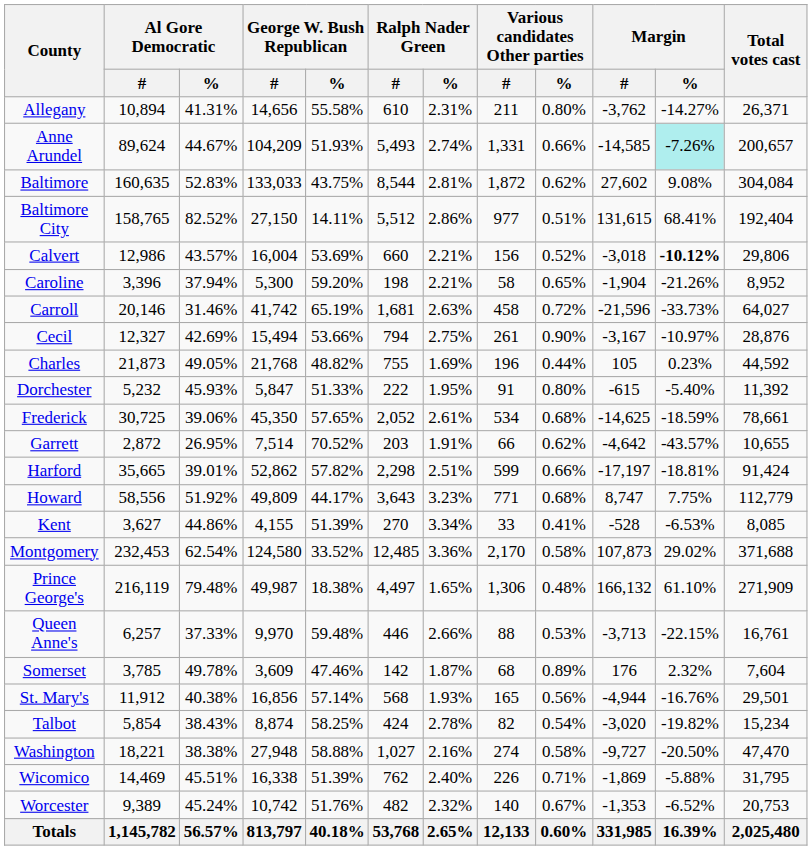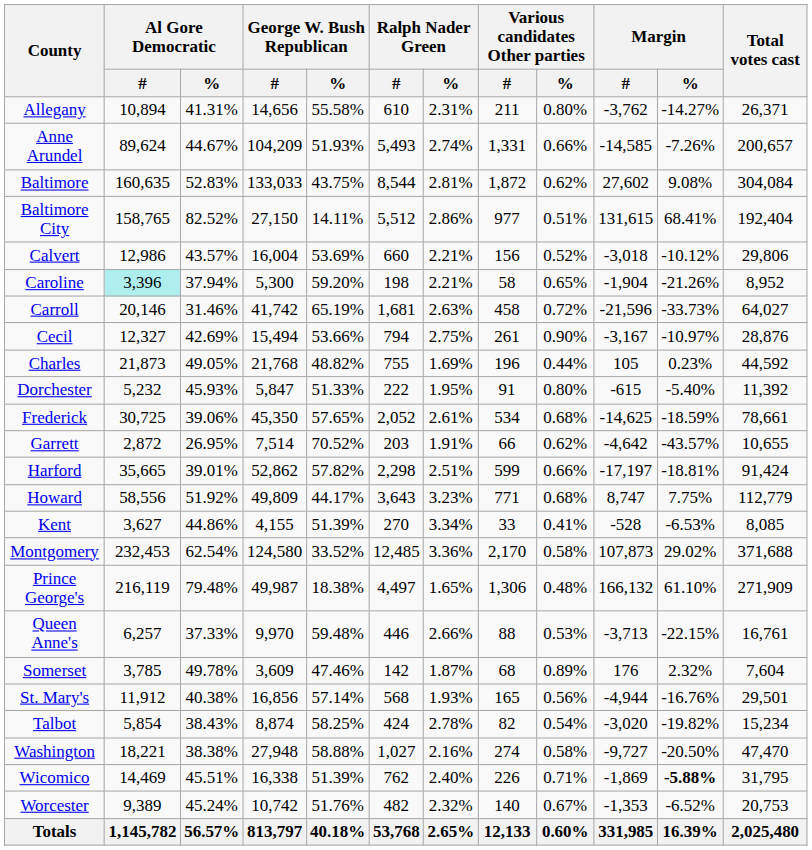 <table width="60%"  class="wikitable sortable" style="text-align:center">
 <tr>
 <th style="text-align:center;" rowspan="2">County</th>
 <th style="text-align:center;" colspan="2">Al Gore<br>Democratic</th>
 <th style="text-align:center;" colspan="2">George W. Bush<br>Republican</th>
 <th style="text-align:center;" colspan="2">Ralph Nader<br>Green</th>
 <th style="text-align:center;" colspan="2">Various candidates<br>Other parties</th>
 <th style="text-align:center;" colspan="2">Margin</th>
 <th style="text-align:center;" rowspan="2">Total votes cast</th>
 </tr>
 <tr>
 <th style="text-align:center;" data-sort-type="number">#</th>
 <th style="text-align:center;" data-sort-type="number">%</th>
 <th style="text-align:center;" data-sort-type="number">#</th>
 <th style="text-align:center;" data-sort-type="number">%</th>
 <th style="text-align:center;" data-sort-type="number">#</th>
 <th style="text-align:center;" data-sort-type="number">%</th>
 <th style="text-align:center;" data-sort-type="number">#</th>
 <th style="text-align:center;" data-sort-type="number">%</th>
 <th style="text-align:center;" data-sort-type="number">#</th>
 <th style="text-align:center;" data-sort-type="number">%</th>
 </tr>
 <tr style="text-align:center;">
 <td><a href='#'>Allegany</a></td>
 <td>10,894</td>
 <td>41.31%</td>
 <td>14,656</td>
 <td>55.58%</td>
 <td>610</td>
 <td>2.31%</td>
 <td>211</td>
 <td>0.80%</td>
 <td>-3,762</td>
 <td>-14.27%</td>
 <td>26,371</td>
 </tr>
 <tr style="text-align:center;">
 <td><a href='#'>Anne Arundel</a></td>
 <td>89,624</td>
 <td>44.67%</td>
 <td>104,209</td>
 <td>51.93%</td>
 <td>5,493</td>
 <td>2.74%</td>
 <td>1,331</td>
 <td>0.66%</td>
 <td>-14,585</td>
-<td style="background: paleturquoise;">-7.26%</td>
+<td>-7.26%</td>
 <td>200,657</td>
 </tr>
 <tr style="text-align:center;">
 <td><a href='#'>Baltimore</a></td>
 <td>160,635</td>
 <td>52.83%</td>
 <td>133,033</td>
 <td>43.75%</td>
 <td>8,544</td>
 <td>2.81%</td>
 <td>1,872</td>
 <td>0.62%</td>
 <td>27,602</td>
 <td>9.08%</td>
 <td>304,084</td>
 </tr>
 <tr style="text-align:center;">
 <td><a href='#'>Baltimore City</a></td>
 <td>158,765</td>
 <td>82.52%</td>
 <td>27,150</td>
 <td>14.11%</td>
 <td>5,512</td>
 <td>2.86%</td>
 <td>977</td>
 <td>0.51%</td>
 <td>131,615</td>
 <td>68.41%</td>
 <td>192,404</td>
 </tr>
 <tr style="text-align:center;">
 <td><a href='#'>Calvert</a></td>
 <td>12,986</td>
 <td>43.57%</td>
 <td>16,004</td>
 <td>53.69%</td>
 <td>660</td>
 <td>2.21%</td>
 <td>156</td>
 <td>0.52%</td>
 <td>-3,018</td>
-<td><strong>-10.12%</strong></td>
+<td>-10.12%</td>
 <td>29,806</td>
 </tr>
 <tr style="text-align:center;">
 <td><a href='#'>Caroline</a></td>
-<td>3,396</td>
+<td style="background: paleturquoise;">3,396</td>
 <td>37.94%</td>
 <td>5,300</td>
 <td>59.20%</td>
 <td>198</td>
 <td>2.21%</td>
 <td>58</td>
 <td>0.65%</td>
 <td>-1,904</td>
 <td>-21.26%</td>
 <td>8,952</td>
 </tr>
 <tr style="text-align:center;">
 <td><a href='#'>Carroll</a></td>
 <td>20,146</td>
 <td>31.46%</td>
 <td>41,742</td>
 <td>65.19%</td>
 <td>1,681</td>
 <td>2.63%</td>
 <td>458</td>
 <td>0.72%</td>
 <td>-21,596</td>
 <td>-33.73%</td>
 <td>64,027</td>
 </tr>
 <tr style="text-align:center;">
 <td><a href='#'>Cecil</a></td>
 <td>12,327</td>
 <td>42.69%</td>
 <td>15,494</td>
 <td>53.66%</td>
 <td>794</td>
 <td>2.75%</td>
 <td>261</td>
 <td>0.90%</td>
 <td>-3,167</td>
 <td>-10.97%</td>
 <td>28,876</td>
 </tr>
 <tr style="text-align:center;">
 <td><a href='#'>Charles</a></td>
 <td>21,873</td>
 <td>49.05%</td>
 <td>21,768</td>
 <td>48.82%</td>
 <td>755</td>
 <td>1.69%</td>
 <td>196</td>
 <td>0.44%</td>
 <td>105</td>
 <td>0.23%</td>
 <td>44,592</td>
 </tr>
 <tr style="text-align:center;">
 <td><a href='#'>Dorchester</a></td>
 <td>5,232</td>
 <td>45.93%</td>
 <td>5,847</td>
 <td>51.33%</td>
 <td>222</td>
 <td>1.95%</td>
 <td>91</td>
 <td>0.80%</td>
 <td>-615</td>
 <td>-5.40%</td>
 <td>11,392</td>
 </tr>
 <tr style="text-align:center;">
 <td><a href='#'>Frederick</a></td>
 <td>30,725</td>
 <td>39.06%</td>
 <td>45,350</td>
 <td>57.65%</td>
 <td>2,052</td>
 <td>2.61%</td>
 <td>534</td>
 <td>0.68%</td>
 <td>-14,625</td>
 <td>-18.59%</td>
 <td>78,661</td>
 </tr>
 <tr style="text-align:center;">
 <td><a href='#'>Garrett</a></td>
 <td>2,872</td>
 <td>26.95%</td>
 <td>7,514</td>
 <td>70.52%</td>
 <td>203</td>
 <td>1.91%</td>
 <td>66</td>
 <td>0.62%</td>
 <td>-4,642</td>
 <td>-43.57%</td>
 <td>10,655</td>
 </tr>
 <tr style="text-align:center;">
 <td><a href='#'>Harford</a></td>
 <td>35,665</td>
 <td>39.01%</td>
 <td>52,862</td>
 <td>57.82%</td>
 <td>2,298</td>
 <td>2.51%</td>
 <td>599</td>
 <td>0.66%</td>
 <td>-17,197</td>
 <td>-18.81%</td>
 <td>91,424</td>
 </tr>
 <tr style="text-align:center;">
 <td><a href='#'>Howard</a></td>
 <td>58,556</td>
 <td>51.92%</td>
 <td>49,809</td>
 <td>44.17%</td>
 <td>3,643</td>
 <td>3.23%</td>
 <td>771</td>
 <td>0.68%</td>
 <td>8,747</td>
 <td>7.75%</td>
 <td>112,779</td>
 </tr>
 <tr style="text-align:center;">
 <td><a href='#'>Kent</a></td>
 <td>3,627</td>
 <td>44.86%</td>
 <td>4,155</td>
 <td>51.39%</td>
 <td>270</td>
 <td>3.34%</td>
 <td>33</td>
 <td>0.41%</td>
 <td>-528</td>
 <td>-6.53%</td>
 <td>8,085</td>
 </tr>
 <tr style="text-align:center;">
 <td><a href='#'>Montgomery</a></td>
 <td>232,453</td>
 <td>62.54%</td>
 <td>124,580</td>
 <td>33.52%</td>
 <td>12,485</td>
 <td>3.36%</td>
 <td>2,170</td>
 <td>0.58%</td>
 <td>107,873</td>
 <td>29.02%</td>
 <td>371,688</td>
 </tr>
 <tr style="text-align:center;">
 <td><a href='#'>Prince George's</a></td>
 <td>216,119</td>
 <td>79.48%</td>
 <td>49,987</td>
 <td>18.38%</td>
 <td>4,497</td>
 <td>1.65%</td>
 <td>1,306</td>
 <td>0.48%</td>
 <td>166,132</td>
 <td>61.10%</td>
 <td>271,909</td>
 </tr>
 <tr style="text-align:center;">
 <td><a href='#'>Queen Anne's</a></td>
 <td>6,257</td>
 <td>37.33%</td>
 <td>9,970</td>
 <td>59.48%</td>
 <td>446</td>
 <td>2.66%</td>
 <td>88</td>
 <td>0.53%</td>
 <td>-3,713</td>
 <td>-22.15%</td>
 <td>16,761</td>
 </tr>
 <tr style="text-align:center;">
 <td><a href='#'>Somerset</a></td>
 <td>3,785</td>
 <td>49.78%</td>
 <td>3,609</td>
 <td>47.46%</td>
 <td>142</td>
 <td>1.87%</td>
 <td>68</td>
 <td>0.89%</td>
 <td>176</td>
 <td>2.32%</td>
 <td>7,604</td>
 </tr>
 <tr style="text-align:center;">
 <td><a href='#'>St. Mary's</a></td>
 <td>11,912</td>
 <td>40.38%</td>
 <td>16,856</td>
 <td>57.14%</td>
 <td>568</td>
 <td>1.93%</td>
 <td>165</td>
 <td>0.56%</td>
 <td>-4,944</td>
 <td>-16.76%</td>
 <td>29,501</td>
 </tr>
 <tr style="text-align:center;">
 <td><a href='#'>Talbot</a></td>
 <td>5,854</td>
 <td>38.43%</td>
 <td>8,874</td>
 <td>58.25%</td>
 <td>424</td>
 <td>2.78%</td>
 <td>82</td>
 <td>0.54%</td>
 <td>-3,020</td>
 <td>-19.82%</td>
 <td>15,234</td>
 </tr>
 <tr style="text-align:center;">
 <td><a href='#'>Washington</a></td>
 <td>18,221</td>
 <td>38.38%</td>
 <td>27,948</td>
 <td>58.88%</td>
 <td>1,027</td>
 <td>2.16%</td>
 <td>274</td>
 <td>0.58%</td>
 <td>-9,727</td>
 <td>-20.50%</td>
 <td>47,470</td>
 </tr>
 <tr style="text-align:center;">
 <td><a href='#'>Wicomico</a></td>
 <td>14,469</td>
 <td>45.51%</td>
 <td>16,338</td>
 <td>51.39%</td>
 <td>762</td>
 <td>2.40%</td>
 <td>226</td>
 <td>0.71%</td>
 <td>-1,869</td>
-<td>-5.88%</td>
+<td><strong>-5.88%</strong></td>
 <td>31,795</td>
 </tr>
 <tr style="text-align:center;">
 <td><a href='#'>Worcester</a></td>
 <td>9,389</td>
 <td>45.24%</td>
 <td>10,742</td>
 <td>51.76%</td>
 <td>482</td>
 <td>2.32%</td>
 <td>140</td>
 <td>0.67%</td>
 <td>-1,353</td>
 <td>-6.52%</td>
 <td>20,753</td>
 </tr>
 <tr style="text-align:center;">
 <th>Totals</th>
 <th>1,145,782</th>
 <th>56.57%</th>
 <th>813,797</th>
 <th>40.18%</th>
 <th>53,768</th>
 <th>2.65%</th>
 <th>12,133</th>
 <th>0.60%</th>
 <th>331,985</th>
 <th>16.39%</th>
 <th>2,025,480</th>
 </tr>
 </table>
